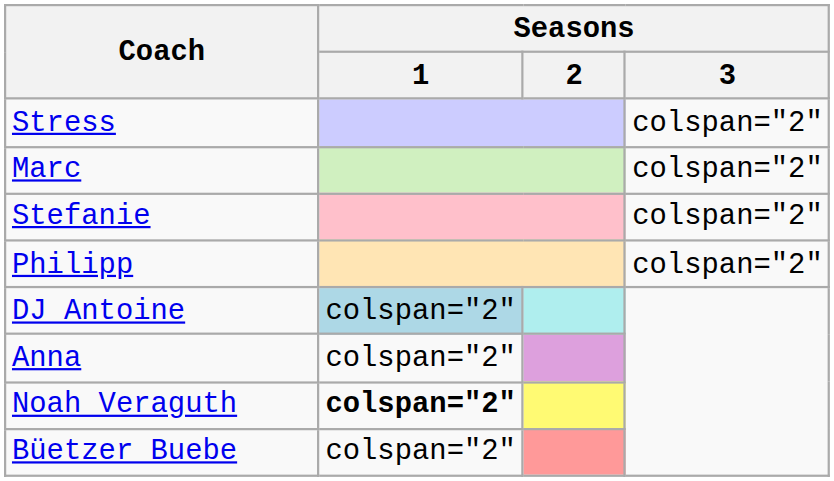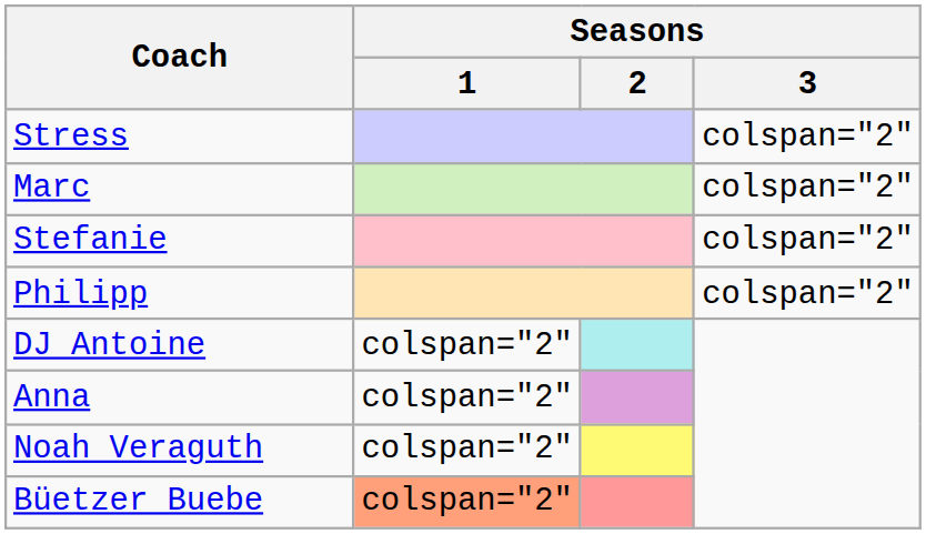 <table class="wikitable">
 <tr>
 <th rowspan="2" width="135">Coach</th>
 <th colspan="3">Seasons</th>
 </tr>
 <tr>
 <th width="40">1</th>
 <th width="40">2</th>
 <th width="40">3</th>
 </tr>
 <tr>
 <td><a href='#'>Stress</a></td>
 <td colspan="2" style="background:#ccf"></td>
 <td>colspan="2" </td>
 </tr>
 <tr>
 <td><a href='#'>Marc</a></td>
 <td colspan="2" style="background:#d0f0c0"></td>
 <td>colspan="2" </td>
 </tr>
 <tr>
 <td><a href='#'>Stefanie</a></td>
 <td colspan="2" style="background: pink"></td>
 <td>colspan="2" </td>
 </tr>
 <tr>
 <td><a href='#'>Philipp</a></td>
 <td colspan="2" style="background:#ffe5b4"></td>
 <td>colspan="2" </td>
 </tr>
 <tr>
 <td><a href='#'>DJ Antoine</a></td>
-<td style="background: lightblue;">colspan="2" </td>
+<td>colspan="2" </td>
 <td colspan="1" style="background:#afeeee"></td>
 </tr>
 <tr>
 <td><a href='#'>Anna</a></td>
 <td>colspan="2" </td>
 <td colspan="1" style="background:#dda0dd"></td>
 </tr>
 <tr>
 <td><a href='#'>Noah Veraguth</a></td>
-<td><strong>colspan="2" </strong></td>
+<td>colspan="2" </td>
 <td colspan="1" style="background:#fffa73"></td>
 </tr>
 <tr>
 <td><a href='#'>Büetzer Buebe</a></td>
-<td>colspan="2" </td>
+<td style="background: lightsalmon;">colspan="2" </td>
 <td colspan="1" style="background:#ff9999"></td>
 </tr>
 </table>
